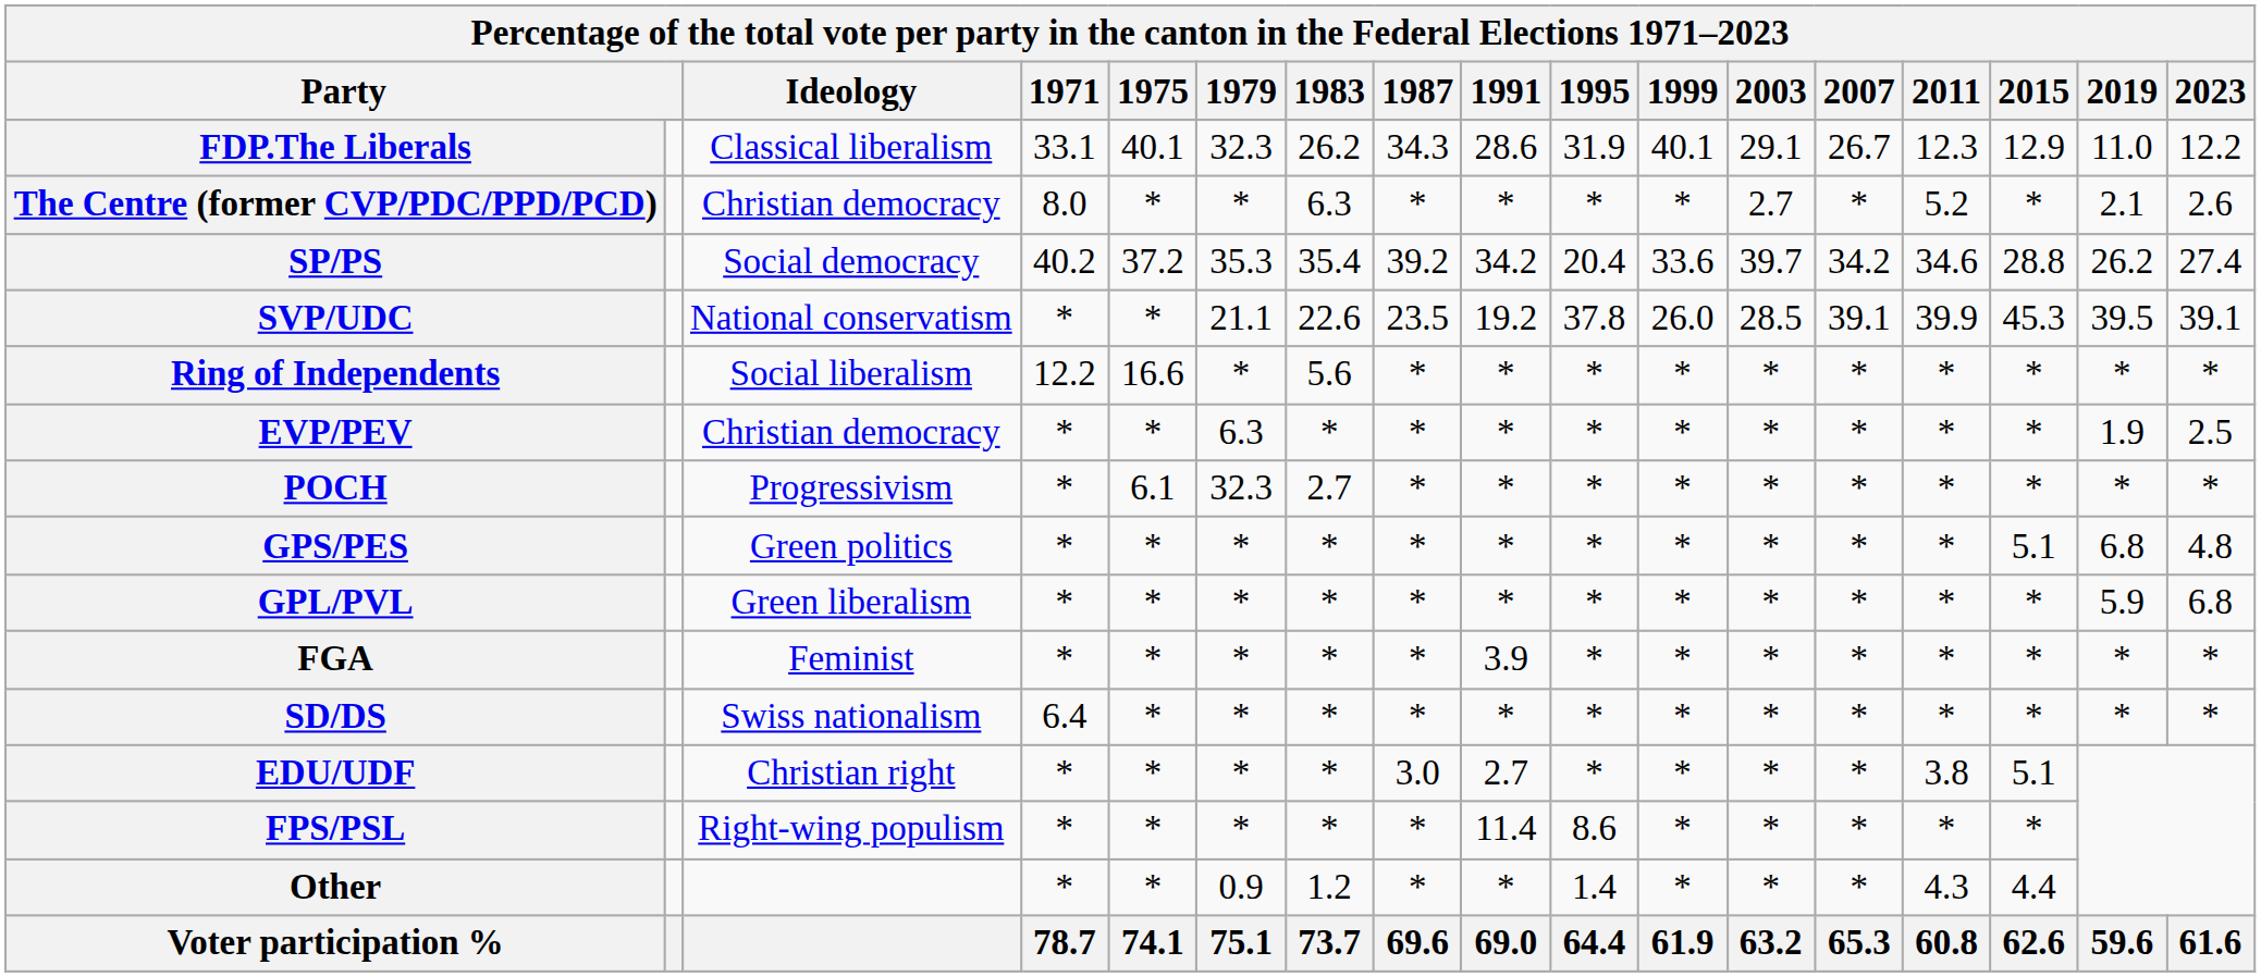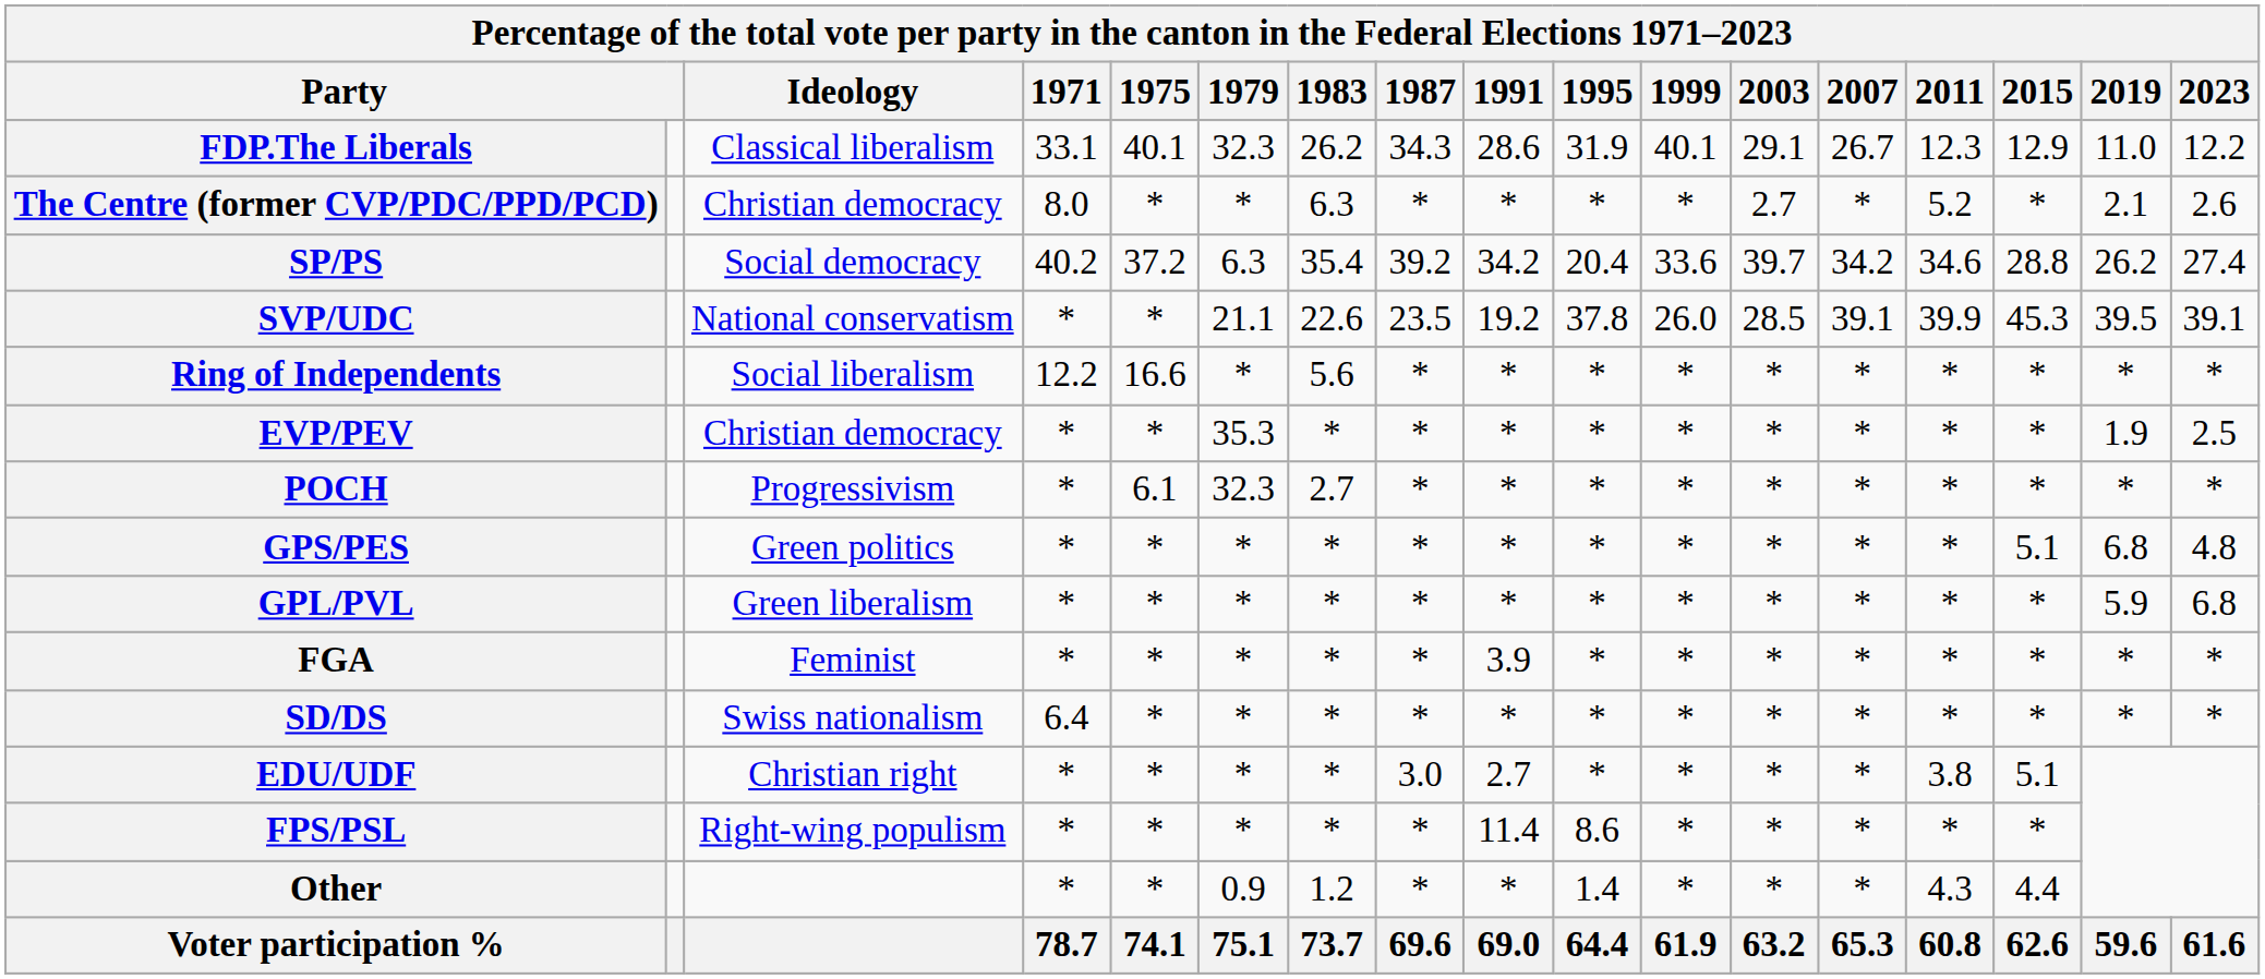 <table class="wikitable sortable mw-collapsible" style="text-align: center">
 <tr>
 <th colspan="17">Percentage of the total vote per party in the canton in the Federal Elections 1971–2023</th>
 </tr>
 <tr>
 <th colspan="2">Party</th>
 <th class="unsortable">Ideology</th>
 <th>1971</th>
 <th>1975</th>
 <th>1979</th>
 <th>1983</th>
 <th>1987</th>
 <th>1991</th>
 <th>1995</th>
 <th>1999</th>
 <th>2003</th>
 <th>2007</th>
 <th>2011</th>
 <th>2015</th>
 <th>2019</th>
 <th>2023</th>
 </tr>
 <tr>
 <th><a href='#'>FDP.The Liberals</a></th>
 <td></td>
 <td><a href='#'>Classical liberalism</a></td>
 <td>33.1</td>
 <td>40.1</td>
 <td>32.3</td>
 <td>26.2</td>
 <td>34.3</td>
 <td>28.6</td>
 <td>31.9</td>
 <td>40.1</td>
 <td>29.1</td>
 <td>26.7</td>
 <td>12.3</td>
 <td>12.9</td>
 <td>11.0</td>
 <td>12.2</td>
 </tr>
 <tr>
 <th><a href='#'>The Centre</a> (former <a href='#'>CVP/PDC/PPD/PCD</a>)</th>
 <td></td>
 <td><a href='#'>Christian democracy</a></td>
 <td>8.0</td>
 <td>* </td>
 <td>*</td>
 <td>6.3</td>
 <td>*</td>
 <td>*</td>
 <td>*</td>
 <td>*</td>
 <td>2.7</td>
 <td>*</td>
 <td>5.2</td>
 <td>*</td>
 <td>2.1</td>
 <td>2.6</td>
 </tr>
 <tr>
 <th><a href='#'>SP/PS</a></th>
 <td></td>
 <td><a href='#'>Social democracy</a></td>
 <td>40.2</td>
 <td>37.2</td>
-<td>35.3</td>
+<td>6.3</td>
 <td>35.4</td>
 <td>39.2</td>
 <td>34.2</td>
 <td>20.4</td>
 <td>33.6</td>
 <td>39.7</td>
 <td>34.2</td>
 <td>34.6</td>
 <td>28.8</td>
 <td>26.2</td>
 <td>27.4</td>
 </tr>
 <tr>
 <th><a href='#'>SVP/UDC</a></th>
 <td></td>
 <td><a href='#'>National conservatism</a></td>
 <td>*</td>
 <td>*</td>
 <td>21.1</td>
 <td>22.6</td>
 <td>23.5</td>
 <td>19.2</td>
 <td>37.8</td>
 <td>26.0</td>
 <td>28.5</td>
 <td>39.1</td>
 <td>39.9</td>
 <td>45.3</td>
 <td>39.5</td>
 <td>39.1</td>
 </tr>
 <tr>
 <th><a href='#'>Ring of Independents</a></th>
 <td></td>
 <td><a href='#'>Social liberalism</a></td>
 <td>12.2</td>
 <td>16.6</td>
 <td>*</td>
 <td>5.6</td>
 <td>*</td>
 <td>*</td>
 <td>*</td>
 <td>*</td>
 <td>*</td>
 <td>*</td>
 <td>*</td>
 <td>*</td>
 <td>*</td>
 <td>*</td>
 </tr>
 <tr>
 <th><a href='#'>EVP/PEV</a></th>
 <td></td>
 <td><a href='#'>Christian democracy</a></td>
 <td>*</td>
 <td>*</td>
-<td>6.3</td>
+<td>35.3</td>
 <td>*</td>
 <td>*</td>
 <td>*</td>
 <td>*</td>
 <td>*</td>
 <td>*</td>
 <td>*</td>
 <td>*</td>
 <td>*</td>
 <td>1.9</td>
 <td>2.5</td>
 </tr>
 <tr>
 <th><a href='#'>POCH</a></th>
 <td></td>
 <td><a href='#'>Progressivism</a></td>
 <td>*</td>
 <td>6.1</td>
 <td>32.3</td>
 <td>2.7</td>
 <td>*</td>
 <td>*</td>
 <td>*</td>
 <td>*</td>
 <td>*</td>
 <td>*</td>
 <td>*</td>
 <td>*</td>
 <td>*</td>
 <td>*</td>
 </tr>
 <tr>
 <th><a href='#'>GPS/PES</a></th>
 <td></td>
 <td><a href='#'>Green politics</a></td>
 <td>*</td>
 <td>*</td>
 <td>*</td>
 <td>*</td>
 <td>*</td>
 <td>*</td>
 <td>*</td>
 <td>*</td>
 <td>*</td>
 <td>*</td>
 <td>*</td>
 <td>5.1</td>
 <td>6.8</td>
 <td>4.8</td>
 </tr>
 <tr>
 <th><a href='#'>GPL/PVL</a></th>
 <td></td>
 <td><a href='#'>Green liberalism</a></td>
 <td>*</td>
 <td>*</td>
 <td>*</td>
 <td>*</td>
 <td>*</td>
 <td>*</td>
 <td>*</td>
 <td>*</td>
 <td>*</td>
 <td>*</td>
 <td>*</td>
 <td>*</td>
 <td>5.9</td>
 <td>6.8</td>
 </tr>
 <tr>
 <th>FGA</th>
 <td></td>
 <td><a href='#'>Feminist</a></td>
 <td>*</td>
 <td>*</td>
 <td>*</td>
 <td>*</td>
 <td>*</td>
 <td>3.9</td>
 <td>*</td>
 <td>*</td>
 <td>*</td>
 <td>*</td>
 <td>*</td>
 <td>*</td>
 <td>*</td>
 <td>*</td>
 </tr>
 <tr>
 <th><a href='#'>SD/DS</a></th>
 <td></td>
 <td><a href='#'>Swiss nationalism</a></td>
 <td>6.4</td>
 <td>*</td>
 <td>*</td>
 <td>*</td>
 <td>*</td>
 <td>*</td>
 <td>*</td>
 <td>*</td>
 <td>*</td>
 <td>*</td>
 <td>*</td>
 <td>*</td>
 <td>*</td>
 <td>*</td>
 </tr>
 <tr>
 <th><a href='#'>EDU/UDF</a></th>
 <td></td>
 <td><a href='#'>Christian right</a></td>
 <td>*</td>
 <td>*</td>
 <td>*</td>
 <td>*</td>
 <td>3.0</td>
 <td>2.7</td>
 <td>*</td>
 <td>*</td>
 <td>*</td>
 <td>*</td>
 <td>3.8</td>
 <td>5.1</td>
 </tr>
 <tr>
 <th><a href='#'>FPS/PSL</a></th>
 <td></td>
 <td><a href='#'>Right-wing populism</a></td>
 <td>*</td>
 <td>*</td>
 <td>*</td>
 <td>*</td>
 <td>*</td>
 <td>11.4</td>
 <td>8.6</td>
 <td>*</td>
 <td>*</td>
 <td>*</td>
 <td>*</td>
 <td>*</td>
 </tr>
 <tr>
 <th>Other</th>
 <td></td>
 <td></td>
 <td>*</td>
 <td>*</td>
 <td>0.9</td>
 <td>1.2</td>
 <td>*</td>
 <td>*</td>
 <td>1.4</td>
 <td>*</td>
 <td>*</td>
 <td>*</td>
 <td>4.3</td>
 <td>4.4</td>
 </tr>
 <tr>
 <th>Voter participation %</th>
 <th></th>
 <th></th>
 <th>78.7</th>
 <th>74.1</th>
 <th>75.1</th>
 <th>73.7</th>
 <th>69.6</th>
 <th>69.0</th>
 <th>64.4</th>
 <th>61.9</th>
 <th>63.2</th>
 <th>65.3</th>
 <th>60.8</th>
 <th>62.6</th>
 <th>59.6</th>
 <th>61.6</th>
 </tr>
 </table>
